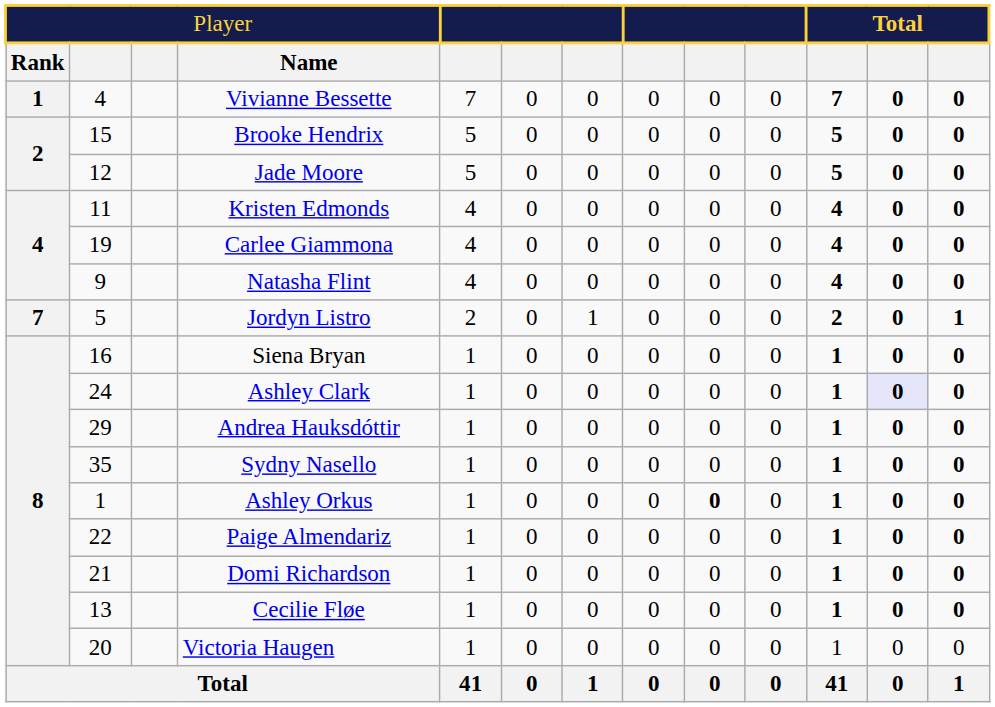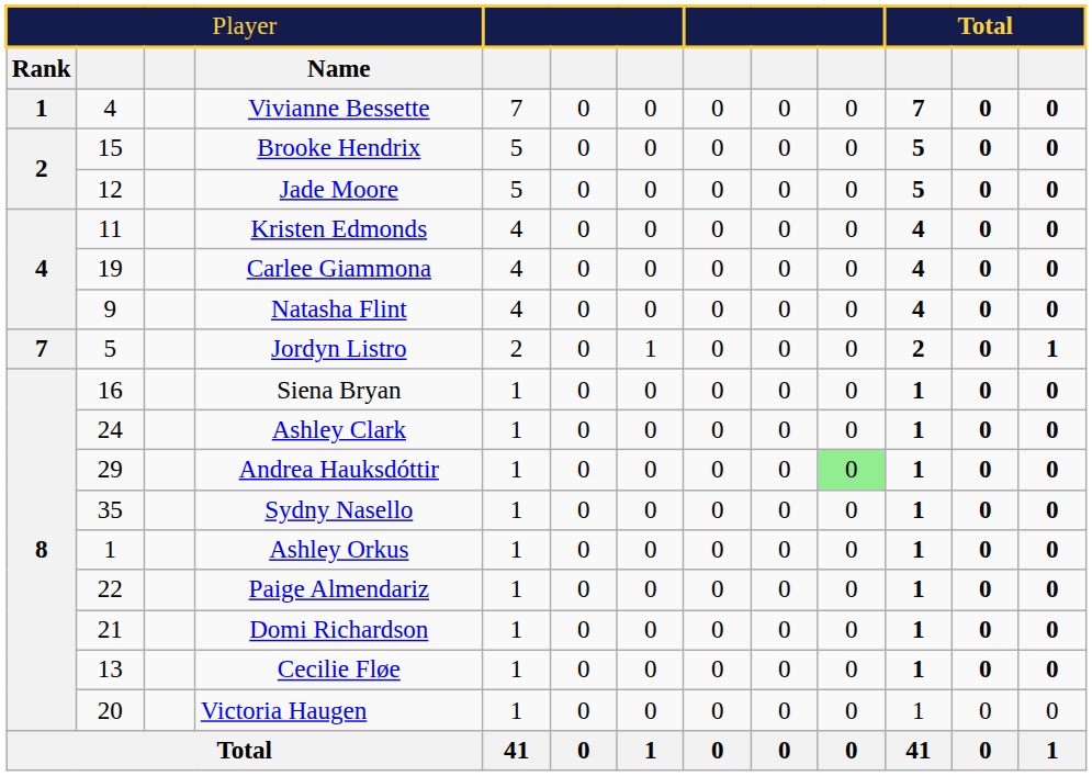 <table class="wikitable sortable" style="text-align:center;">
 <tr>
 <td colspan="4" style="background:#141B4D; color:#FBD13B; border:2px solid #FBD13B; width:75px;" scope="colgroup">Player</td>
 <th colspan="3" style="background:#141B4D; color:#FBD13B; border:2px solid #FBD13B; width:75px;" scope="colgroup"></th>
 <th colspan="3" style="background:#141B4D; color:#FBD13B; border:2px solid #FBD13B; width:75px;" scope="colgroup"></th>
 <th colspan="3" style="background:#141B4D; color:#FBD13B; border:2px solid #FBD13B; width:75px;" scope="colgroup">Total</th>
 </tr>
 <tr>
 <th style="width:35px;" scope="col">Rank</th>
 <th style="width:35px;" scope="col"></th>
 <th style="width:25px;" scope="col"></th>
 <th style="width:175px;" scope="col">Name</th>
 <th style="width:35px;" scope="col"></th>
 <th style="width:35px;" scope="col"></th>
 <th style="width:35px;" scope="col"></th>
 <th style="width:35px;" scope="col"></th>
 <th style="width:35px;" scope="col"></th>
 <th style="width:35px;" scope="col"></th>
 <th style="width:35px;" scope="col"></th>
 <th style="width:35px;" scope="col"></th>
 <th style="width:35px;" scope="col"></th>
 </tr>
 <tr>
 <th>1</th>
 <td>4</td>
 <td></td>
 <td><a href='#'>Vivianne Bessette</a></td>
 <td>7</td>
 <td>0</td>
 <td>0</td>
 <td>0</td>
 <td>0</td>
 <td>0</td>
 <td><strong>7</strong></td>
 <td><strong>0</strong></td>
 <td><strong>0</strong></td>
 </tr>
 <tr>
 <th rowspan="2">2</th>
 <td>15</td>
 <td></td>
 <td><a href='#'>Brooke Hendrix</a></td>
 <td>5</td>
 <td>0</td>
 <td>0</td>
 <td>0</td>
 <td>0</td>
 <td>0</td>
 <td><strong>5</strong></td>
 <td><strong>0</strong></td>
 <td><strong>0</strong></td>
 </tr>
 <tr>
 <td>12</td>
 <td></td>
 <td><a href='#'>Jade Moore</a></td>
 <td>5</td>
 <td>0</td>
 <td>0</td>
 <td>0</td>
 <td>0</td>
 <td>0</td>
 <td><strong>5</strong></td>
 <td><strong>0</strong></td>
 <td><strong>0</strong></td>
 </tr>
 <tr>
 <th rowspan="3">4</th>
 <td>11</td>
 <td></td>
 <td><a href='#'>Kristen Edmonds</a></td>
 <td>4</td>
 <td>0</td>
 <td>0</td>
 <td>0</td>
 <td>0</td>
 <td>0</td>
 <td><strong>4</strong></td>
 <td><strong>0</strong></td>
 <td><strong>0</strong></td>
 </tr>
 <tr>
 <td>19</td>
 <td></td>
 <td><a href='#'>Carlee Giammona</a></td>
 <td>4</td>
 <td>0</td>
 <td>0</td>
 <td>0</td>
 <td>0</td>
 <td>0</td>
 <td><strong>4</strong></td>
 <td><strong>0</strong></td>
 <td><strong>0</strong></td>
 </tr>
 <tr>
 <td>9</td>
 <td></td>
 <td><a href='#'>Natasha Flint</a></td>
 <td>4</td>
 <td>0</td>
 <td>0</td>
 <td>0</td>
 <td>0</td>
 <td>0</td>
 <td><strong>4</strong></td>
 <td><strong>0</strong></td>
 <td><strong>0</strong></td>
 </tr>
 <tr>
 <th>7</th>
 <td>5</td>
 <td></td>
 <td><a href='#'>Jordyn Listro</a></td>
 <td>2</td>
 <td>0</td>
 <td>1</td>
 <td>0</td>
 <td>0</td>
 <td>0</td>
 <td><strong>2</strong></td>
 <td><strong>0</strong></td>
 <td><strong>1</strong></td>
 </tr>
 <tr>
 <th rowspan="9">8</th>
 <td>16</td>
 <td></td>
 <td>Siena Bryan</td>
 <td>1</td>
 <td>0</td>
 <td>0</td>
 <td>0</td>
 <td>0</td>
 <td>0</td>
 <td><strong>1</strong></td>
 <td><strong>0</strong></td>
 <td><strong>0</strong></td>
 </tr>
 <tr>
 <td>24</td>
 <td></td>
 <td><a href='#'>Ashley Clark</a></td>
 <td>1</td>
 <td>0</td>
 <td>0</td>
 <td>0</td>
 <td>0</td>
 <td>0</td>
 <td><strong>1</strong></td>
-<td style="background: lavender;"><strong>0</strong></td>
+<td><strong>0</strong></td>
 <td><strong>0</strong></td>
 </tr>
 <tr>
 <td>29</td>
 <td></td>
 <td><a href='#'>Andrea Hauksdóttir</a></td>
 <td>1</td>
 <td>0</td>
 <td>0</td>
 <td>0</td>
 <td>0</td>
-<td>0</td>
+<td style="background: lightgreen;">0</td>
 <td><strong>1</strong></td>
 <td><strong>0</strong></td>
 <td><strong>0</strong></td>
 </tr>
 <tr>
 <td>35</td>
 <td></td>
 <td><a href='#'>Sydny Nasello</a></td>
 <td>1</td>
 <td>0</td>
 <td>0</td>
 <td>0</td>
 <td>0</td>
 <td>0</td>
 <td><strong>1</strong></td>
 <td><strong>0</strong></td>
 <td><strong>0</strong></td>
 </tr>
 <tr>
 <td>1</td>
 <td></td>
 <td><a href='#'>Ashley Orkus</a></td>
 <td>1</td>
 <td>0</td>
 <td>0</td>
 <td>0</td>
-<td><strong>0</strong></td>
+<td>0</td>
 <td>0</td>
 <td><strong>1</strong></td>
 <td><strong>0</strong></td>
 <td><strong>0</strong></td>
 </tr>
 <tr>
 <td>22</td>
 <td></td>
 <td><a href='#'>Paige Almendariz</a></td>
 <td>1</td>
 <td>0</td>
 <td>0</td>
 <td>0</td>
 <td>0</td>
 <td>0</td>
 <td><strong>1</strong></td>
 <td><strong>0</strong></td>
 <td><strong>0</strong></td>
 </tr>
 <tr>
 <td>21</td>
 <td></td>
 <td><a href='#'>Domi Richardson</a></td>
 <td>1</td>
 <td>0</td>
 <td>0</td>
 <td>0</td>
 <td>0</td>
 <td>0</td>
 <td><strong>1</strong></td>
 <td><strong>0</strong></td>
 <td><strong>0</strong></td>
 </tr>
 <tr>
 <td>13</td>
 <td></td>
 <td><a href='#'>Cecilie Fløe</a></td>
 <td>1</td>
 <td>0</td>
 <td>0</td>
 <td>0</td>
 <td>0</td>
 <td>0</td>
 <td><strong>1</strong></td>
 <td><strong>0</strong></td>
 <td><strong>0</strong></td>
 </tr>
 <tr>
 <td>20</td>
 <td></td>
 <td align="left"><a href='#'>Victoria Haugen</a></td>
 <td>1</td>
 <td>0</td>
 <td>0</td>
 <td>0</td>
 <td>0</td>
 <td>0</td>
 <td>1</td>
 <td>0</td>
 <td>0</td>
 </tr>
 <tr>
 <th colspan="4">Total</th>
 <th>41</th>
 <th>0</th>
 <th>1</th>
 <th>0</th>
 <th>0</th>
 <th>0</th>
 <th>41</th>
 <th>0</th>
 <th>1</th>
 </tr>
 </table>
